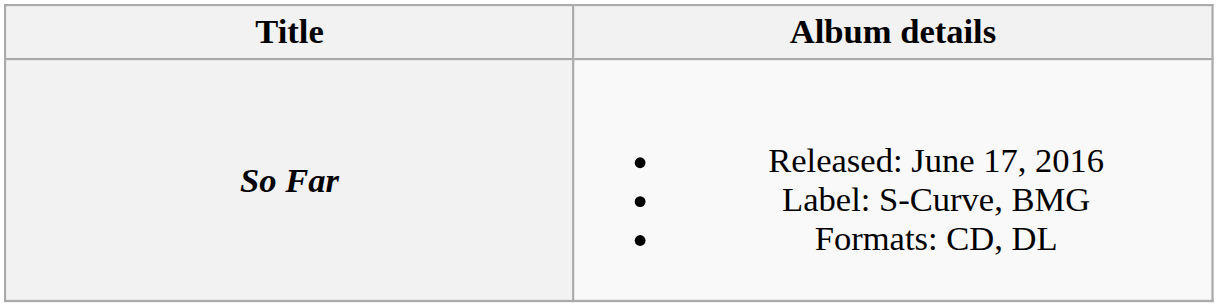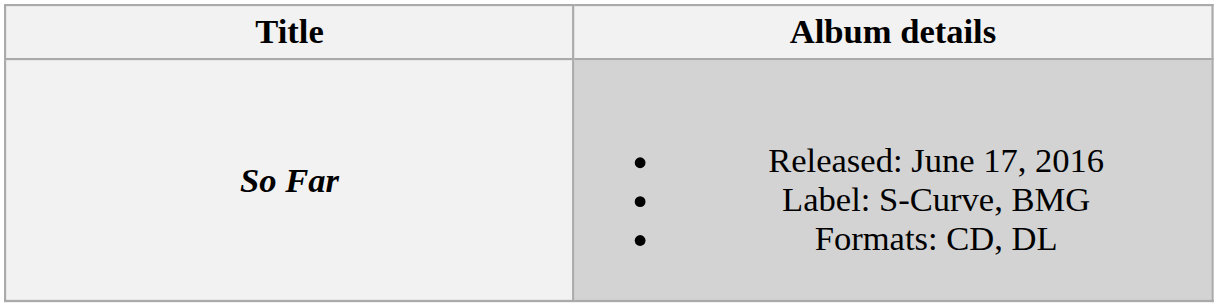 <table class="wikitable plainrowheaders" style="text-align:center;">
 <tr>
 <th scope="col" style="width:16em;">Title</th>
 <th scope="col" style="width:18em;">Album details</th>
 </tr>
 <tr>
 <th scope="row"><em>So Far</em></th>
-<td><br><ul><li>Released: June 17, 2016</li><li>Label: S-Curve, BMG</li><li>Formats: CD, DL</li></ul></td>
+<td style="background: lightgrey;"><br><ul><li>Released: June 17, 2016</li><li>Label: S-Curve, BMG</li><li>Formats: CD, DL</li></ul></td>
 </tr>
 <tr>
 </tr>
 </table>
